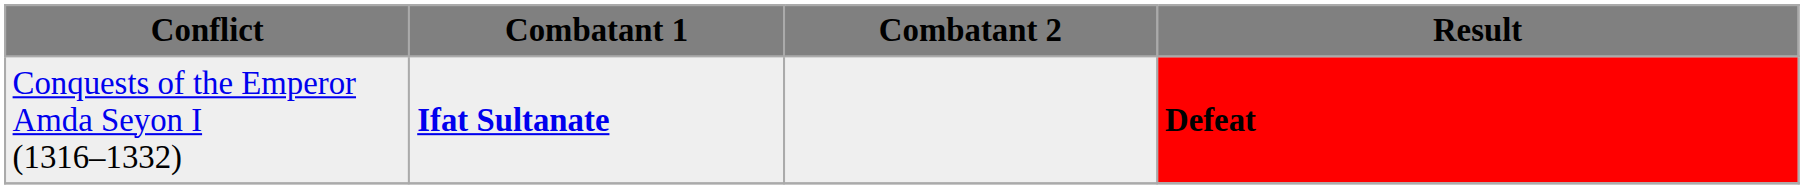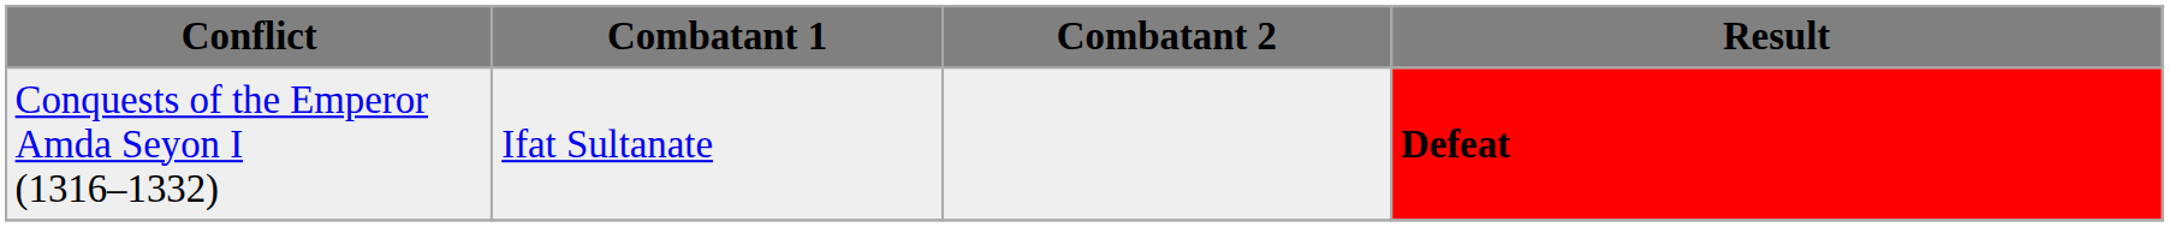 <table class="wikitable">
 <tr>
 <th style="background:grey" width="190"><span>Conflict</span></th>
 <th style="background:grey" width="175"><span>Combatant 1</span></th>
 <th style="background:grey" width="175"><span>Combatant 2</span></th>
 <th style="background:grey" width="305"><span>Result</span></th>
 </tr>
 <tr>
 <td style="background:#efefef"><a href='#'>Conquests of the Emperor Amda Seyon I</a><br>(1316–1332)</td>
-<td style="background:#efefef"><strong> <a href='#'>Ifat Sultanate</a><br></strong></td>
+<td style="background:#efefef"> <a href='#'>Ifat Sultanate</a><br></td>
 <td style="background:#efefef"><br></td>
 <td style="background:Red"><strong>Defeat</strong></td>
 </tr>
 <tr>
 </tr>
 </table>
